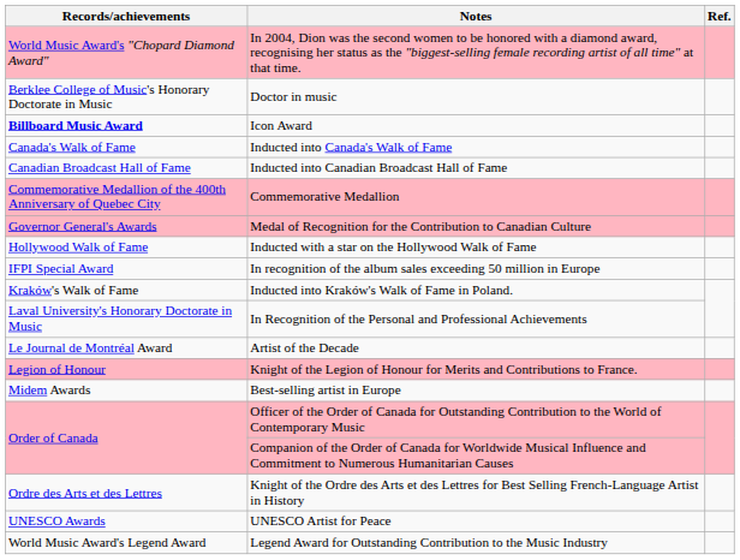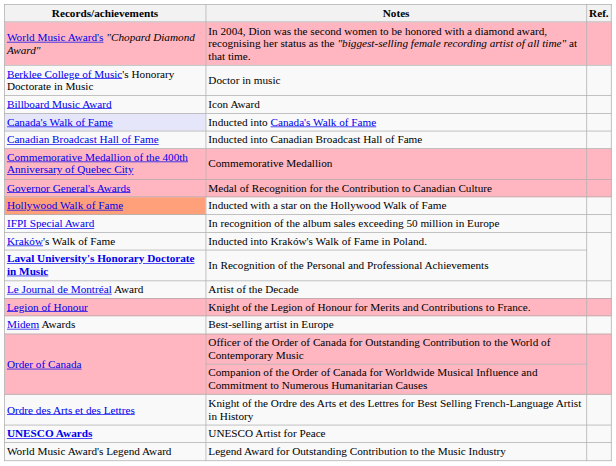 <table class="wikitable" style="text-align:left;">
 <tr>
 <th>Records/achievements</th>
 <th>Notes</th>
 <th>Ref.</th>
 </tr>
 <tr scope="row" style="background:#FFB6C1">
 <td><a href='#'>World Music Award's</a> <em>"Chopard Diamond Award"</em></td>
 <td>In 2004, Dion was the second women to be honored with a diamond award, recognising her status as the <em>"biggest-selling female recording artist of all time"</em> at that time.</td>
 <td></td>
 </tr>
 <tr>
 <td><a href='#'>Berklee College of Music</a>'s Honorary Doctorate in Music</td>
 <td>Doctor in music</td>
 <td></td>
 </tr>
 <tr>
-<td><strong><a href='#'>Billboard Music Award</a></strong></td>
+<td><a href='#'>Billboard Music Award</a></td>
 <td>Icon Award</td>
 <td></td>
 </tr>
 <tr>
-<td><a href='#'>Canada's Walk of Fame</a></td>
+<td style="background: lavender;"><a href='#'>Canada's Walk of Fame</a></td>
 <td>Inducted into <a href='#'>Canada's Walk of Fame</a></td>
 <td></td>
 </tr>
 <tr>
 <td><a href='#'>Canadian Broadcast Hall of Fame</a></td>
 <td>Inducted into Canadian Broadcast Hall of Fame</td>
 <td></td>
 </tr>
 <tr scope="row" style="background:#FFB6C1">
 <td><a href='#'>Commemorative Medallion of the 400th Anniversary of Quebec City</a></td>
 <td>Commemorative Medallion</td>
 <td></td>
 </tr>
 <tr scope="row" style="background:#FFB6C1">
 <td><a href='#'>Governor General's Awards</a></td>
 <td>Medal of Recognition for the Contribution to Canadian Culture</td>
 <td></td>
 </tr>
 <tr>
-<td><a href='#'>Hollywood Walk of Fame</a></td>
+<td style="background: lightsalmon;"><a href='#'>Hollywood Walk of Fame</a></td>
 <td>Inducted with a star on the Hollywood Walk of Fame</td>
 <td></td>
 </tr>
 <tr>
 <td><a href='#'>IFPI Special Award</a></td>
 <td>In recognition of the album sales exceeding 50 million in Europe</td>
 <td></td>
 </tr>
 <tr>
 <td><a href='#'>Kraków</a>'s Walk of Fame</td>
 <td>Inducted into Kraków's Walk of Fame in Poland.</td>
 <td rowspan="2"></td>
 </tr>
 <tr>
-<td><a href='#'>Laval University's Honorary Doctorate in Music</a></td>
+<td><strong><a href='#'>Laval University's Honorary Doctorate in Music</a></strong></td>
 <td>In Recognition of the Personal and Professional Achievements</td>
 </tr>
 <tr>
 <td><a href='#'>Le Journal de Montréal</a> Award</td>
 <td>Artist of the Decade</td>
 <td></td>
 </tr>
 <tr scope="row" style="background:#FFB6C1">
 <td><a href='#'>Legion of Honour</a></td>
 <td>Knight of the Legion of Honour for Merits and Contributions to France.</td>
 <td></td>
 </tr>
 <tr>
 <td><a href='#'>Midem</a> Awards</td>
 <td>Best-selling artist in Europe</td>
 <td></td>
 </tr>
 <tr scope="row" style="background:#FFB6C1">
 <td rowspan="2"><a href='#'>Order of Canada</a></td>
 <td>Officer of the Order of Canada for Outstanding Contribution to the World of Contemporary Music</td>
 <td rowspan="2"></td>
 </tr>
 <tr scope="row" style="background:#FFB6C1">
 <td>Companion of the Order of Canada for Worldwide Musical Influence and Commitment to Numerous Humanitarian Causes</td>
 </tr>
 <tr>
 <td><a href='#'>Ordre des Arts et des Lettres</a></td>
 <td>Knight of the Ordre des Arts et des Lettres for Best Selling French-Language Artist in History</td>
 <td></td>
 </tr>
 <tr>
-<td><a href='#'>UNESCO Awards</a></td>
+<td><strong><a href='#'>UNESCO Awards</a></strong></td>
 <td>UNESCO Artist for Peace</td>
 <td></td>
 </tr>
 <tr>
 <td>World Music Award's Legend Award</td>
 <td>Legend Award for Outstanding Contribution to the Music Industry</td>
 <td></td>
 </tr>
 </table>
